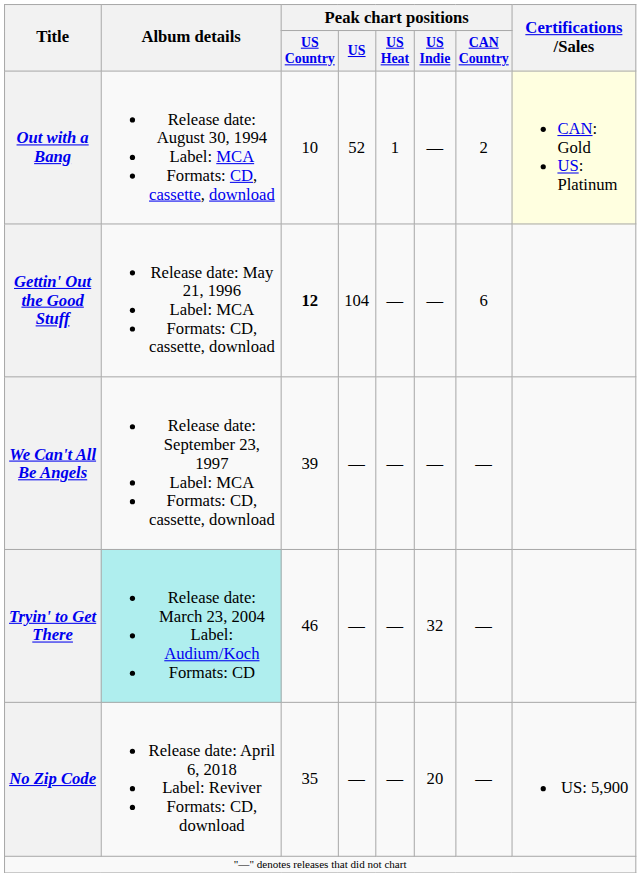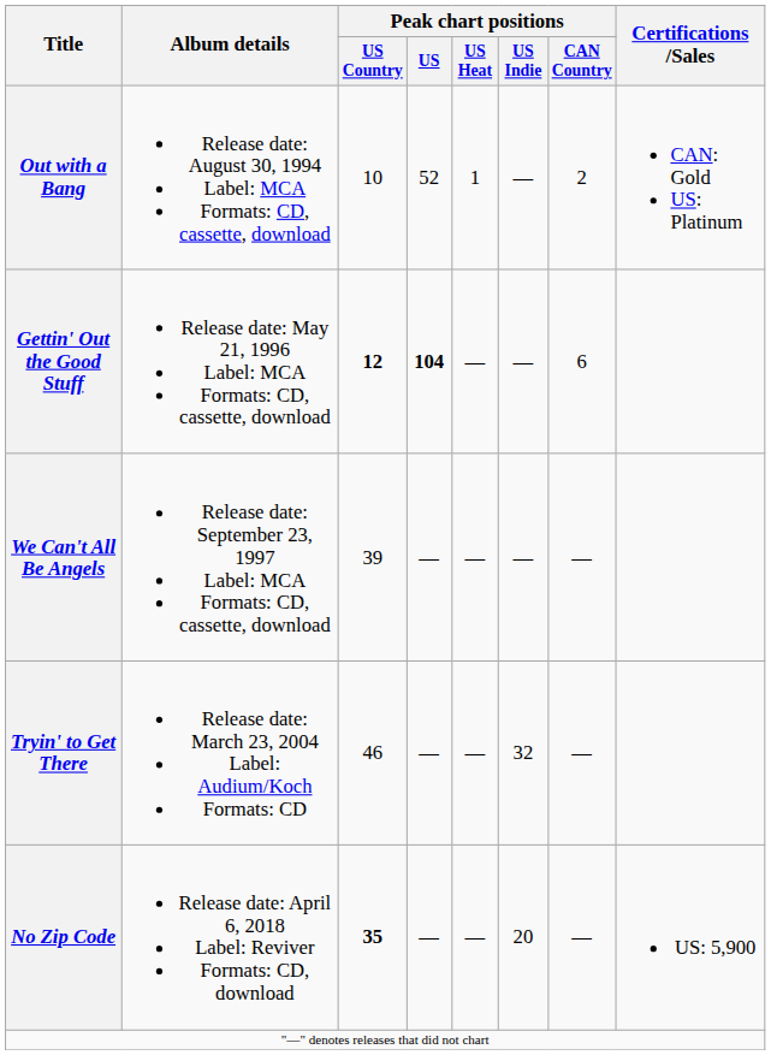 <table class="wikitable plainrowheaders" style="text-align:center;">
 <tr>
 <th rowspan="2" style="width:14em;">Title</th>
 <th rowspan="2" style="width:18em;">Album details</th>
 <th colspan="5">Peak chart positions</th>
 <th rowspan="2" style="width:10em;"><a href='#'>Certifications</a><br>/Sales</th>
 </tr>
 <tr style="font-size:smaller;">
 <th width="45"><a href='#'>US Country</a><br></th>
 <th width="45"><a href='#'>US</a><br></th>
 <th width="45"><a href='#'>US<br>Heat</a><br></th>
 <th width="45"><a href='#'>US Indie</a><br></th>
 <th width="40"><a href='#'>CAN Country</a><br></th>
 </tr>
 <tr>
 <th scope="row"><em><a href='#'>Out with a Bang</a></em></th>
 <td><br><ul><li>Release date: August 30, 1994</li><li>Label: <a href='#'>MCA</a></li><li>Formats: <a href='#'>CD</a>, <a href='#'>cassette</a>, <a href='#'>download</a></li></ul></td>
 <td>10</td>
 <td>52</td>
 <td>1</td>
 <td>—</td>
 <td>2</td>
-<td align="left" style="background: lightyellow;"><br><ul><li><a href='#'>CAN</a>: Gold</li><li><a href='#'>US</a>: Platinum</li></ul></td>
+<td align="left"><br><ul><li><a href='#'>CAN</a>: Gold</li><li><a href='#'>US</a>: Platinum</li></ul></td>
 </tr>
 <tr>
 <th scope="row"><em><a href='#'>Gettin' Out the Good Stuff</a></em></th>
 <td><br><ul><li>Release date: May 21, 1996</li><li>Label: MCA</li><li>Formats: CD, cassette, download</li></ul></td>
 <td><strong>12</strong></td>
-<td>104</td>
+<td><strong>104</strong></td>
 <td>—</td>
 <td>—</td>
 <td>6</td>
 <td></td>
 </tr>
 <tr>
 <th scope="row"><em><a href='#'>We Can't All Be Angels</a></em></th>
 <td><br><ul><li>Release date: September 23, 1997</li><li>Label: MCA</li><li>Formats: CD, cassette, download</li></ul></td>
 <td>39</td>
 <td>—</td>
 <td>—</td>
 <td>—</td>
 <td>—</td>
 <td></td>
 </tr>
 <tr>
 <th scope="row"><em><a href='#'>Tryin' to Get There</a></em></th>
-<td style="background: paleturquoise;"><br><ul><li>Release date: March 23, 2004</li><li>Label: <a href='#'>Audium/Koch</a></li><li>Formats: CD</li></ul></td>
+<td><br><ul><li>Release date: March 23, 2004</li><li>Label: <a href='#'>Audium/Koch</a></li><li>Formats: CD</li></ul></td>
 <td>46</td>
 <td>—</td>
 <td>—</td>
 <td>32</td>
 <td>—</td>
 <td></td>
 </tr>
 <tr>
 <th scope="row"><em><a href='#'>No Zip Code</a></em></th>
 <td><br><ul><li>Release date: April 6, 2018</li><li>Label: Reviver</li><li>Formats: CD, download</li></ul></td>
-<td>35</td>
+<td><strong>35</strong></td>
 <td>—</td>
 <td>—</td>
 <td>20</td>
 <td>—</td>
 <td><br><ul><li>US: 5,900</li></ul></td>
 </tr>
 <tr>
 <td colspan="10" style="font-size:8pt">"—" denotes releases that did not chart</td>
 </tr>
 </table>
